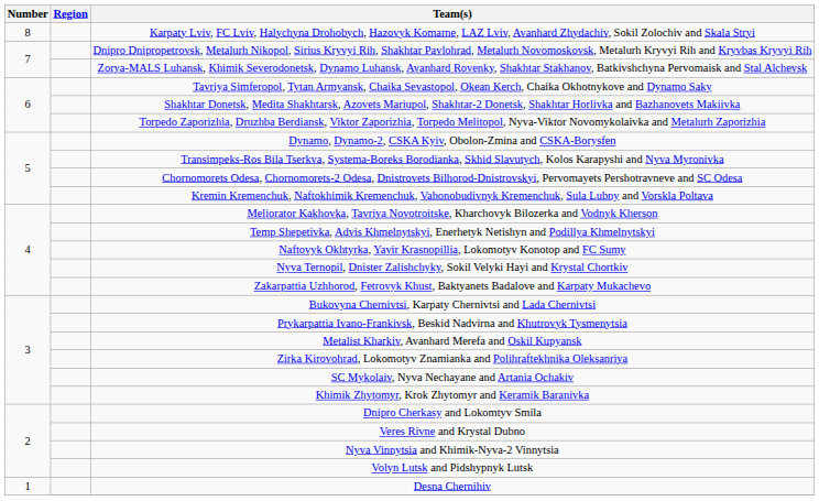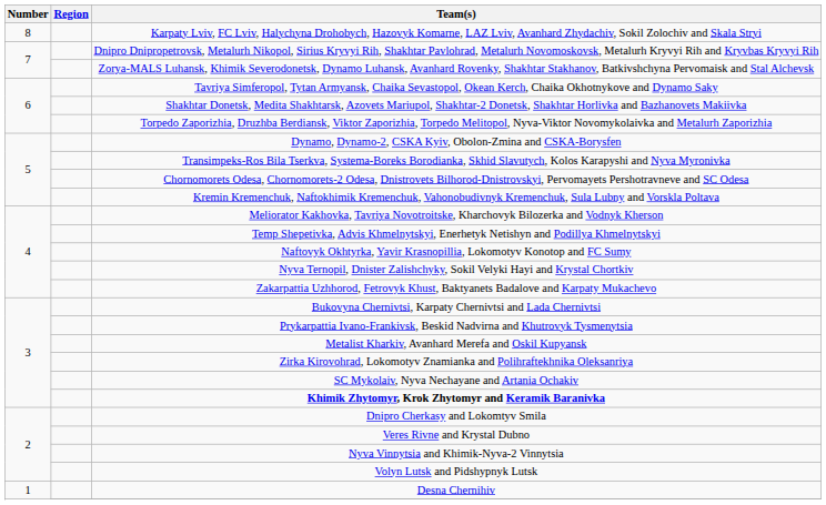 <table class="wikitable" style="text-align:center">
 <tr>
 <th>Number</th>
 <th><a href='#'>Region</a></th>
 <th>Team(s)</th>
 </tr>
 <tr>
 <td rowspan="1">8</td>
 <td align="left"></td>
 <td><a href='#'>Karpaty Lviv</a>, <a href='#'>FC Lviv</a>, <a href='#'>Halychyna Drohobych</a>, <a href='#'>Hazovyk Komarne</a>, <a href='#'>LAZ Lviv</a>, <a href='#'>Avanhard Zhydachiv</a>, Sokil Zolochiv and <a href='#'>Skala Stryi</a></td>
 </tr>
 <tr>
 <td rowspan="2">7</td>
 <td align="left"></td>
 <td><a href='#'>Dnipro Dnipropetrovsk</a>, <a href='#'>Metalurh Nikopol</a>, <a href='#'>Sirius Kryvyi Rih</a>, <a href='#'>Shakhtar Pavlohrad</a>, <a href='#'>Metalurh Novomoskovsk</a>, Metalurh Kryvyi Rih and <a href='#'>Kryvbas Kryvyi Rih</a></td>
 </tr>
 <tr>
 <td align="left"></td>
 <td><a href='#'>Zorya-MALS Luhansk</a>, <a href='#'>Khimik Severodonetsk</a>, <a href='#'>Dynamo Luhansk</a>, <a href='#'>Avanhard Rovenky</a>, <a href='#'>Shakhtar Stakhanov</a>, Batkivshchyna Pervomaisk and <a href='#'>Stal Alchevsk</a></td>
 </tr>
 <tr>
 <td rowspan="3">6</td>
 <td align="left"></td>
 <td><a href='#'>Tavriya Simferopol</a>, <a href='#'>Tytan Armyansk</a>, <a href='#'>Chaika Sevastopol</a>, <a href='#'>Okean Kerch</a>, Chaika Okhotnykove and <a href='#'>Dynamo Saky</a></td>
 </tr>
 <tr>
 <td align="left"></td>
 <td><a href='#'>Shakhtar Donetsk</a>, <a href='#'>Medita Shakhtarsk</a>, <a href='#'>Azovets Mariupol</a>, <a href='#'>Shakhtar-2 Donetsk</a>, <a href='#'>Shakhtar Horlivka</a> and <a href='#'>Bazhanovets Makiivka</a></td>
 </tr>
 <tr>
 <td align="left"></td>
 <td><a href='#'>Torpedo Zaporizhia</a>, <a href='#'>Druzhba Berdiansk</a>, <a href='#'>Viktor Zaporizhia</a>, <a href='#'>Torpedo Melitopol</a>, Nyva-Viktor Novomykolaivka and <a href='#'>Metalurh Zaporizhia</a></td>
 </tr>
 <tr>
 <td rowspan="4">5</td>
 <td align="left"></td>
 <td><a href='#'>Dynamo</a>, <a href='#'>Dynamo-2</a>, <a href='#'>CSKA Kyiv</a>, Obolon-Zmina and <a href='#'>CSKA-Borysfen</a></td>
 </tr>
 <tr>
 <td align="left"></td>
 <td><a href='#'>Transimpeks-Ros Bila Tserkva</a>, <a href='#'>Systema-Boreks Borodianka</a>, <a href='#'>Skhid Slavutych</a>, Kolos Karapyshi and <a href='#'>Nyva Myronivka</a></td>
 </tr>
 <tr>
 <td align="left"></td>
 <td><a href='#'>Chornomorets Odesa</a>, <a href='#'>Chornomorets-2 Odesa</a>, <a href='#'>Dnistrovets Bilhorod-Dnistrovskyi</a>, Pervomayets Pershotravneve and <a href='#'>SC Odesa</a></td>
 </tr>
 <tr>
 <td align="left"></td>
 <td><a href='#'>Kremin Kremenchuk</a>, <a href='#'>Naftokhimik Kremenchuk</a>, <a href='#'>Vahonobudivnyk Kremenchuk</a>, <a href='#'>Sula Lubny</a> and <a href='#'>Vorskla Poltava</a></td>
 </tr>
 <tr>
 <td rowspan="5">4</td>
 <td align="left"></td>
 <td><a href='#'>Meliorator Kakhovka</a>, <a href='#'>Tavriya Novotroitske</a>, Kharchovyk Bilozerka and <a href='#'>Vodnyk Kherson</a></td>
 </tr>
 <tr>
 <td align="left"></td>
 <td><a href='#'>Temp Shepetivka</a>, <a href='#'>Advis Khmelnytskyi</a>, Enerhetyk Netishyn and <a href='#'>Podillya Khmelnytskyi</a></td>
 </tr>
 <tr>
 <td align="left"></td>
 <td><a href='#'>Naftovyk Okhtyrka</a>, <a href='#'>Yavir Krasnopillia</a>, Lokomotyv Konotop and <a href='#'>FC Sumy</a></td>
 </tr>
 <tr>
 <td align="left"></td>
 <td><a href='#'>Nyva Ternopil</a>, <a href='#'>Dnister Zalishchyky</a>, Sokil Velyki Hayi and <a href='#'>Krystal Chortkiv</a></td>
 </tr>
 <tr>
 <td align="left"></td>
 <td><a href='#'>Zakarpattia Uzhhorod</a>, <a href='#'>Fetrovyk Khust</a>, Baktyanets Badalove and <a href='#'>Karpaty Mukachevo</a></td>
 </tr>
 <tr>
 <td rowspan="6">3</td>
 <td align="left"></td>
 <td><a href='#'>Bukovyna Chernivtsi</a>, Karpaty Chernivtsi and <a href='#'>Lada Chernivtsi</a></td>
 </tr>
 <tr>
 <td align="left"></td>
 <td><a href='#'>Prykarpattia Ivano-Frankivsk</a>, Beskid Nadvirna and <a href='#'>Khutrovyk Tysmenytsia</a></td>
 </tr>
 <tr>
 <td align="left"></td>
 <td><a href='#'>Metalist Kharkiv</a>, Avanhard Merefa and <a href='#'>Oskil Kupyansk</a></td>
 </tr>
 <tr>
 <td align="left"></td>
 <td><a href='#'>Zirka Kirovohrad</a>, Lokomotyv Znamianka and <a href='#'>Polihraftekhnika Oleksanriya</a></td>
 </tr>
 <tr>
 <td align="left"></td>
 <td><a href='#'>SC Mykolaiv</a>, Nyva Nechayane and <a href='#'>Artania Ochakiv</a></td>
 </tr>
 <tr>
 <td align="left"></td>
-<td><a href='#'>Khimik Zhytomyr</a>, Krok Zhytomyr and <a href='#'>Keramik Baranivka</a></td>
+<td><strong><a href='#'>Khimik Zhytomyr</a>, Krok Zhytomyr and <a href='#'>Keramik Baranivka</a></strong></td>
 </tr>
 <tr>
 <td rowspan="4">2</td>
 <td align="left"></td>
 <td><a href='#'>Dnipro Cherkasy</a> and Lokomtyv Smila</td>
 </tr>
 <tr>
 <td align="left"></td>
 <td><a href='#'>Veres Rivne</a> and Krystal Dubno</td>
 </tr>
 <tr>
 <td align="left"></td>
 <td><a href='#'>Nyva Vinnytsia</a> and Khimik-Nyva-2 Vinnytsia</td>
 </tr>
 <tr>
 <td align="left"></td>
 <td><a href='#'>Volyn Lutsk</a> and Pidshypnyk Lutsk</td>
 </tr>
 <tr>
 <td rowspan="30">1</td>
 <td align="left"></td>
 <td><a href='#'>Desna Chernihiv</a></td>
 </tr>
 <tr>
 </tr>
 </table>
